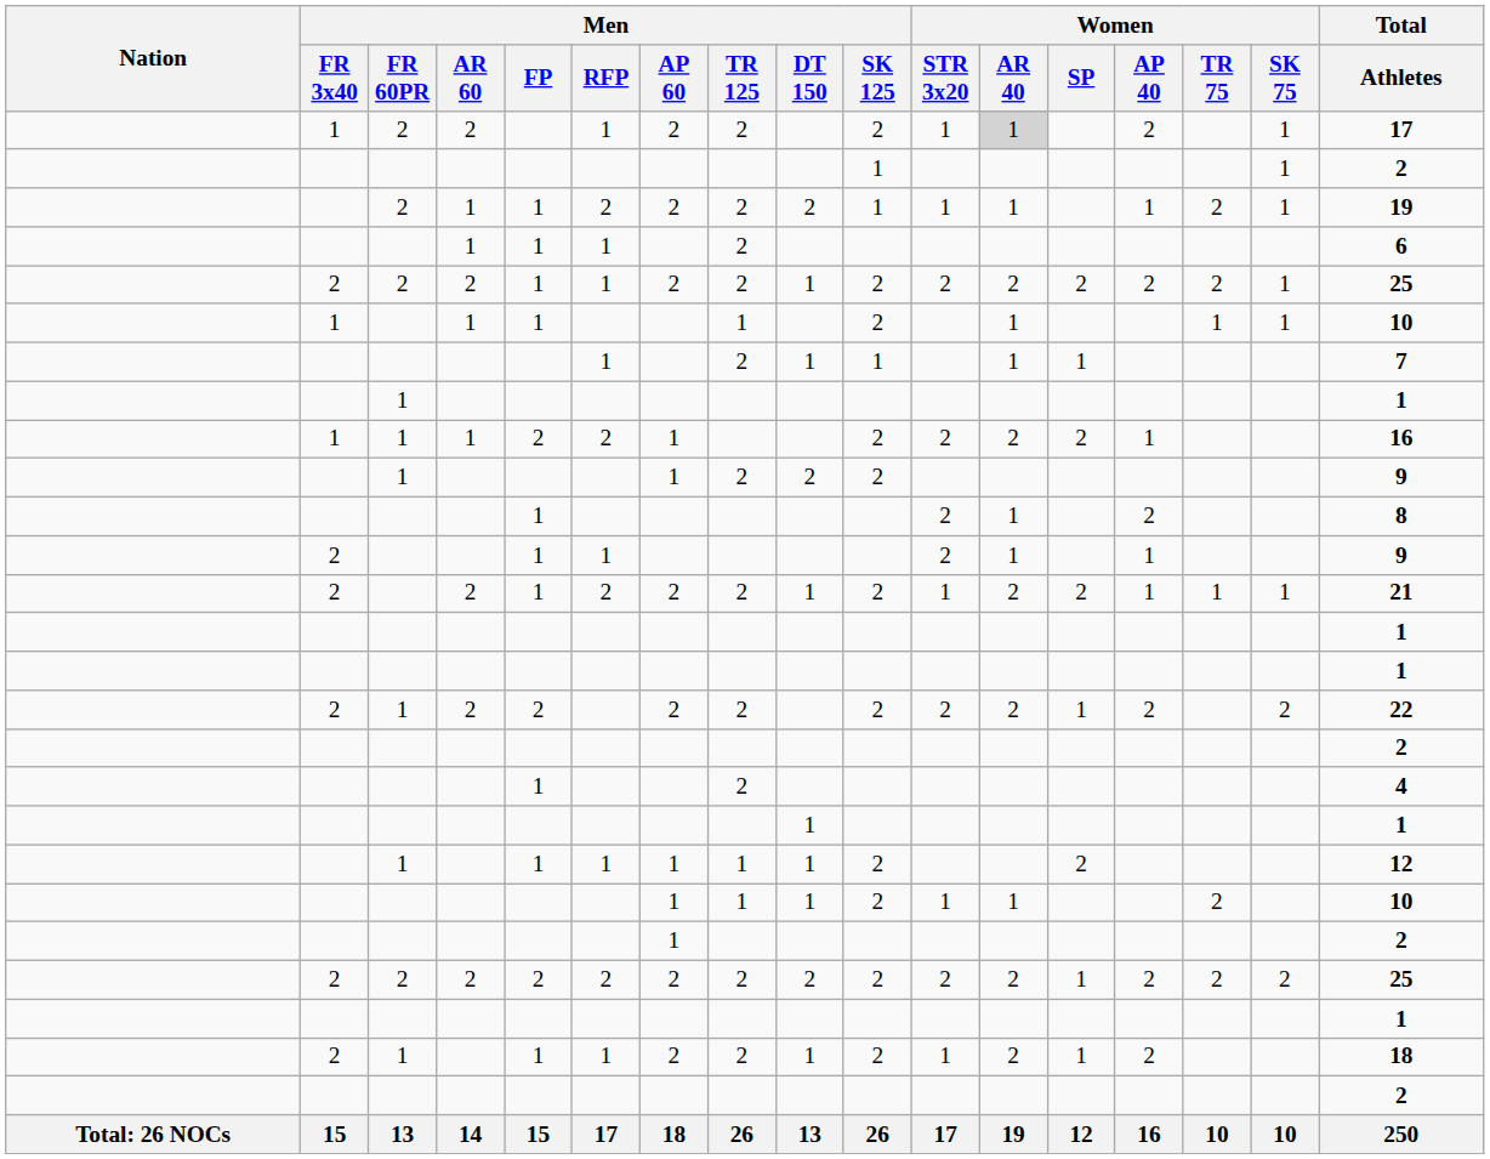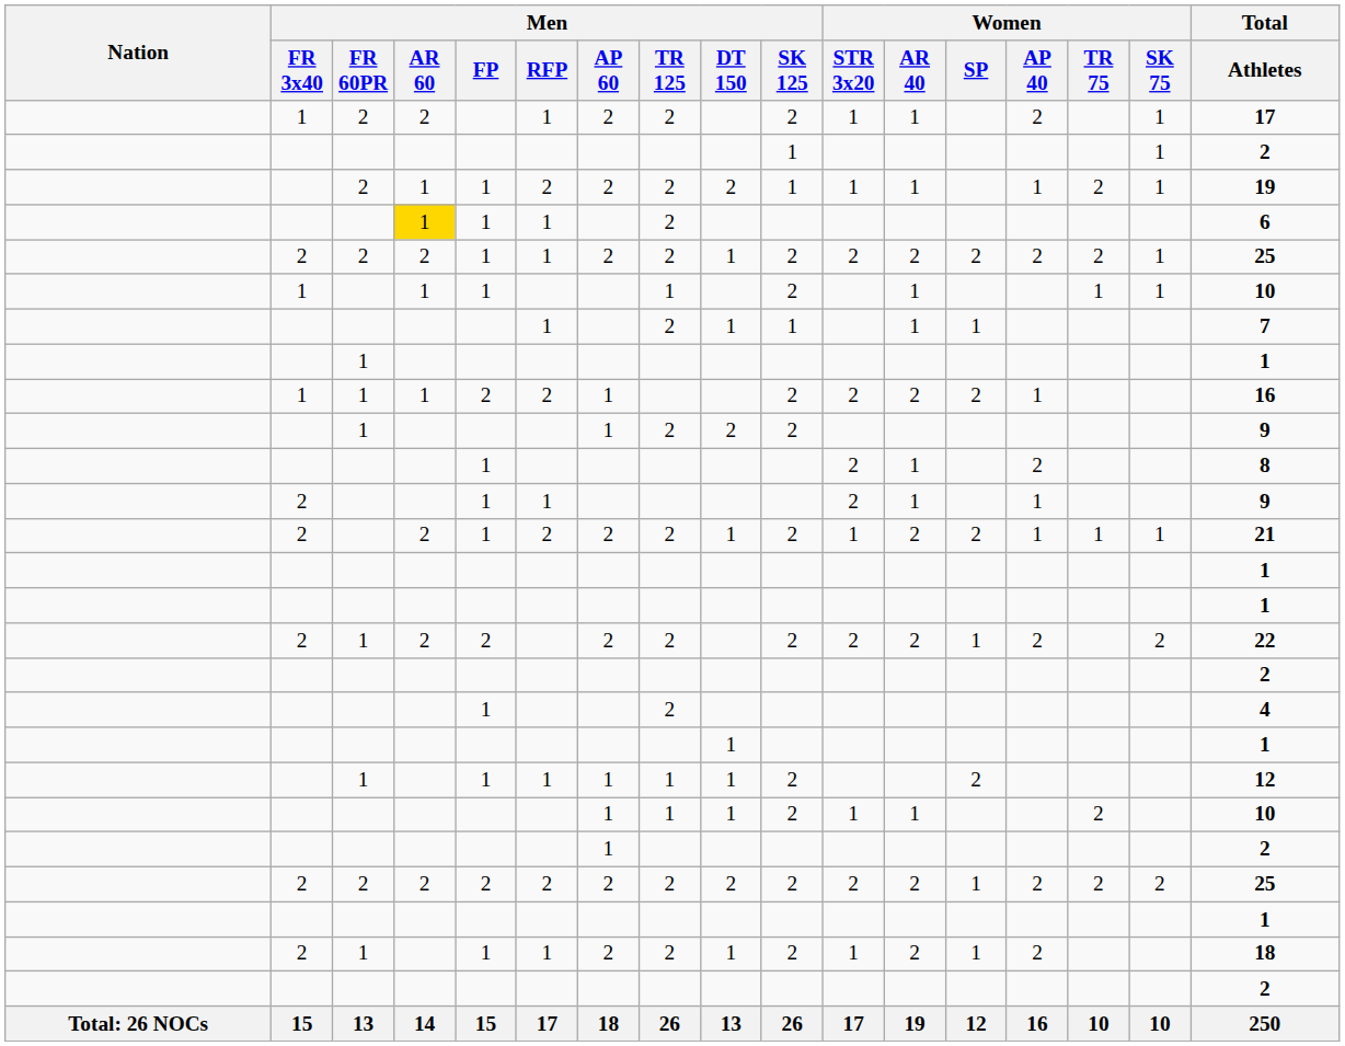 <table class="wikitable" width=910 style="text-align:center; font-size:90%">
 <tr>
 <th rowspan="2" align="left">Nation</th>
 <th colspan="9">Men</th>
 <th colspan="6">Women</th>
 <th colspan="2">Total</th>
 </tr>
 <tr>
 <th width=35><a href='#'>FR 3x40</a></th>
 <th width=35><a href='#'>FR 60PR</a></th>
 <th width=35><a href='#'>AR 60</a></th>
 <th width=35><a href='#'>FP</a></th>
 <th width=35><a href='#'>RFP</a></th>
 <th width=35><a href='#'>AP 60</a></th>
 <th width=35><a href='#'>TR 125</a></th>
 <th width=35><a href='#'>DT 150</a></th>
 <th width=35><a href='#'>SK 125</a></th>
 <th width=35><a href='#'>STR 3x20</a></th>
 <th width=35><a href='#'>AR 40</a></th>
 <th width=35><a href='#'>SP</a></th>
 <th width=35><a href='#'>AP 40</a></th>
 <th width=35><a href='#'>TR 75</a></th>
 <th width=35><a href='#'>SK 75</a></th>
 <th>Athletes</th>
 </tr>
 <tr>
 <td align="left"></td>
 <td>1</td>
 <td>2</td>
 <td>2</td>
 <td></td>
 <td>1</td>
 <td>2</td>
 <td>2</td>
 <td></td>
 <td>2</td>
 <td>1</td>
-<td style="background: lightgrey;">1</td>
+<td>1</td>
 <td></td>
 <td>2</td>
 <td></td>
 <td>1</td>
 <td><strong>17</strong></td>
 </tr>
 <tr>
 <td align="left"></td>
 <td></td>
 <td></td>
 <td></td>
 <td></td>
 <td></td>
 <td></td>
 <td></td>
 <td></td>
 <td>1</td>
 <td></td>
 <td></td>
 <td></td>
 <td></td>
 <td></td>
 <td>1</td>
 <td><strong>2</strong></td>
 </tr>
 <tr>
 <td align="left"></td>
 <td></td>
 <td>2</td>
 <td>1</td>
 <td>1</td>
 <td>2</td>
 <td>2</td>
 <td>2</td>
 <td>2</td>
 <td>1</td>
 <td>1</td>
 <td>1</td>
 <td></td>
 <td>1</td>
 <td>2</td>
 <td>1</td>
 <td><strong>19</strong></td>
 </tr>
 <tr>
 <td align="left"></td>
 <td></td>
 <td></td>
-<td>1</td>
+<td style="background: gold;">1</td>
 <td>1</td>
 <td>1</td>
 <td></td>
 <td>2</td>
 <td></td>
 <td></td>
 <td></td>
 <td></td>
 <td></td>
 <td></td>
 <td></td>
 <td></td>
 <td><strong>6</strong></td>
 </tr>
 <tr>
 <td align="left"></td>
 <td>2</td>
 <td>2</td>
 <td>2</td>
 <td>1</td>
 <td>1</td>
 <td>2</td>
 <td>2</td>
 <td>1</td>
 <td>2</td>
 <td>2</td>
 <td>2</td>
 <td>2</td>
 <td>2</td>
 <td>2</td>
 <td>1</td>
 <td><strong>25</strong></td>
 </tr>
 <tr>
 <td align="left"></td>
 <td>1</td>
 <td></td>
 <td>1</td>
 <td>1</td>
 <td></td>
 <td></td>
 <td>1</td>
 <td></td>
 <td>2</td>
 <td></td>
 <td>1</td>
 <td></td>
 <td></td>
 <td>1</td>
 <td>1</td>
 <td><strong>10</strong></td>
 </tr>
 <tr>
 <td align="left"></td>
 <td></td>
 <td></td>
 <td></td>
 <td></td>
 <td>1</td>
 <td></td>
 <td>2</td>
 <td>1</td>
 <td>1</td>
 <td></td>
 <td>1</td>
 <td>1</td>
 <td></td>
 <td></td>
 <td></td>
 <td><strong>7</strong></td>
 </tr>
 <tr>
 <td align="left"></td>
 <td></td>
 <td>1</td>
 <td></td>
 <td></td>
 <td></td>
 <td></td>
 <td></td>
 <td></td>
 <td></td>
 <td></td>
 <td></td>
 <td></td>
 <td></td>
 <td></td>
 <td></td>
 <td><strong>1</strong></td>
 </tr>
 <tr>
 <td align="left"></td>
 <td>1</td>
 <td>1</td>
 <td>1</td>
 <td>2</td>
 <td>2</td>
 <td>1</td>
 <td></td>
 <td></td>
 <td>2</td>
 <td>2</td>
 <td>2</td>
 <td>2</td>
 <td>1</td>
 <td></td>
 <td></td>
 <td><strong>16</strong></td>
 </tr>
 <tr>
 <td align="left"></td>
 <td></td>
 <td>1</td>
 <td></td>
 <td></td>
 <td></td>
 <td>1</td>
 <td>2</td>
 <td>2</td>
 <td>2</td>
 <td></td>
 <td></td>
 <td></td>
 <td></td>
 <td></td>
 <td></td>
 <td><strong>9</strong></td>
 </tr>
 <tr>
 <td align="left"></td>
 <td></td>
 <td></td>
 <td></td>
 <td>1</td>
 <td></td>
 <td></td>
 <td></td>
 <td></td>
 <td></td>
 <td>2</td>
 <td>1</td>
 <td></td>
 <td>2</td>
 <td></td>
 <td></td>
 <td><strong>8</strong></td>
 </tr>
 <tr>
 <td align="left"></td>
 <td>2</td>
 <td></td>
 <td></td>
 <td>1</td>
 <td>1</td>
 <td></td>
 <td></td>
 <td></td>
 <td></td>
 <td>2</td>
 <td>1</td>
 <td></td>
 <td>1</td>
 <td></td>
 <td></td>
 <td><strong>9</strong></td>
 </tr>
 <tr>
 <td align="left"></td>
 <td>2</td>
 <td></td>
 <td>2</td>
 <td>1</td>
 <td>2</td>
 <td>2</td>
 <td>2</td>
 <td>1</td>
 <td>2</td>
 <td>1</td>
 <td>2</td>
 <td>2</td>
 <td>1</td>
 <td>1</td>
 <td>1</td>
 <td><strong>21</strong></td>
 </tr>
 <tr>
 <td align="left"></td>
 <td></td>
 <td></td>
 <td></td>
 <td></td>
 <td></td>
 <td></td>
 <td></td>
 <td></td>
 <td></td>
 <td></td>
 <td></td>
 <td></td>
 <td></td>
 <td></td>
 <td></td>
 <td><strong>1</strong></td>
 </tr>
 <tr>
 <td align="left"></td>
 <td></td>
 <td></td>
 <td></td>
 <td></td>
 <td></td>
 <td></td>
 <td></td>
 <td></td>
 <td></td>
 <td></td>
 <td></td>
 <td></td>
 <td></td>
 <td></td>
 <td></td>
 <td><strong>1</strong></td>
 </tr>
 <tr>
 <td align="left"></td>
 <td>2</td>
 <td>1</td>
 <td>2</td>
 <td>2</td>
 <td></td>
 <td>2</td>
 <td>2</td>
 <td></td>
 <td>2</td>
 <td>2</td>
 <td>2</td>
 <td>1</td>
 <td>2</td>
 <td></td>
 <td>2</td>
 <td><strong>22</strong></td>
 </tr>
 <tr>
 <td align="left"></td>
 <td></td>
 <td></td>
 <td></td>
 <td></td>
 <td></td>
 <td></td>
 <td></td>
 <td></td>
 <td></td>
 <td></td>
 <td></td>
 <td></td>
 <td></td>
 <td></td>
 <td></td>
 <td><strong>2</strong></td>
 </tr>
 <tr>
 <td align="left"></td>
 <td></td>
 <td></td>
 <td></td>
 <td>1</td>
 <td></td>
 <td></td>
 <td>2</td>
 <td></td>
 <td></td>
 <td></td>
 <td></td>
 <td></td>
 <td></td>
 <td></td>
 <td></td>
 <td><strong>4</strong></td>
 </tr>
 <tr>
 <td align="left"></td>
 <td></td>
 <td></td>
 <td></td>
 <td></td>
 <td></td>
 <td></td>
 <td></td>
 <td>1</td>
 <td></td>
 <td></td>
 <td></td>
 <td></td>
 <td></td>
 <td></td>
 <td></td>
 <td><strong>1</strong></td>
 </tr>
 <tr>
 <td align="left"></td>
 <td></td>
 <td>1</td>
 <td></td>
 <td>1</td>
 <td>1</td>
 <td>1</td>
 <td>1</td>
 <td>1</td>
 <td>2</td>
 <td></td>
 <td></td>
 <td>2</td>
 <td></td>
 <td></td>
 <td></td>
 <td><strong>12</strong></td>
 </tr>
 <tr>
 <td align="left"></td>
 <td></td>
 <td></td>
 <td></td>
 <td></td>
 <td></td>
 <td>1</td>
 <td>1</td>
 <td>1</td>
 <td>2</td>
 <td>1</td>
 <td>1</td>
 <td></td>
 <td></td>
 <td>2</td>
 <td></td>
 <td><strong>10</strong></td>
 </tr>
 <tr>
 <td align="left"></td>
 <td></td>
 <td></td>
 <td></td>
 <td></td>
 <td></td>
 <td>1</td>
 <td></td>
 <td></td>
 <td></td>
 <td></td>
 <td></td>
 <td></td>
 <td></td>
 <td></td>
 <td></td>
 <td><strong>2</strong></td>
 </tr>
 <tr>
 <td align="left"></td>
 <td>2</td>
 <td>2</td>
 <td>2</td>
 <td>2</td>
 <td>2</td>
 <td>2</td>
 <td>2</td>
 <td>2</td>
 <td>2</td>
 <td>2</td>
 <td>2</td>
 <td>1</td>
 <td>2</td>
 <td>2</td>
 <td>2</td>
 <td><strong>25</strong></td>
 </tr>
 <tr>
 <td align="left"></td>
 <td></td>
 <td></td>
 <td></td>
 <td></td>
 <td></td>
 <td></td>
 <td></td>
 <td></td>
 <td></td>
 <td></td>
 <td></td>
 <td></td>
 <td></td>
 <td></td>
 <td></td>
 <td><strong>1</strong></td>
 </tr>
 <tr>
 <td align="left"></td>
 <td>2</td>
 <td>1</td>
 <td></td>
 <td>1</td>
 <td>1</td>
 <td>2</td>
 <td>2</td>
 <td>1</td>
 <td>2</td>
 <td>1</td>
 <td>2</td>
 <td>1</td>
 <td>2</td>
 <td></td>
 <td></td>
 <td><strong>18</strong></td>
 </tr>
 <tr>
 <td align="left"></td>
 <td></td>
 <td></td>
 <td></td>
 <td></td>
 <td></td>
 <td></td>
 <td></td>
 <td></td>
 <td></td>
 <td></td>
 <td></td>
 <td></td>
 <td></td>
 <td></td>
 <td></td>
 <td><strong>2</strong></td>
 </tr>
 <tr>
 <th>Total: 26 NOCs</th>
 <th>15</th>
 <th>13</th>
 <th>14</th>
 <th>15</th>
 <th>17</th>
 <th>18</th>
 <th>26</th>
 <th>13</th>
 <th>26</th>
 <th>17</th>
 <th>19</th>
 <th>12</th>
 <th>16</th>
 <th>10</th>
 <th>10</th>
 <th>250</th>
 </tr>
 </table>
